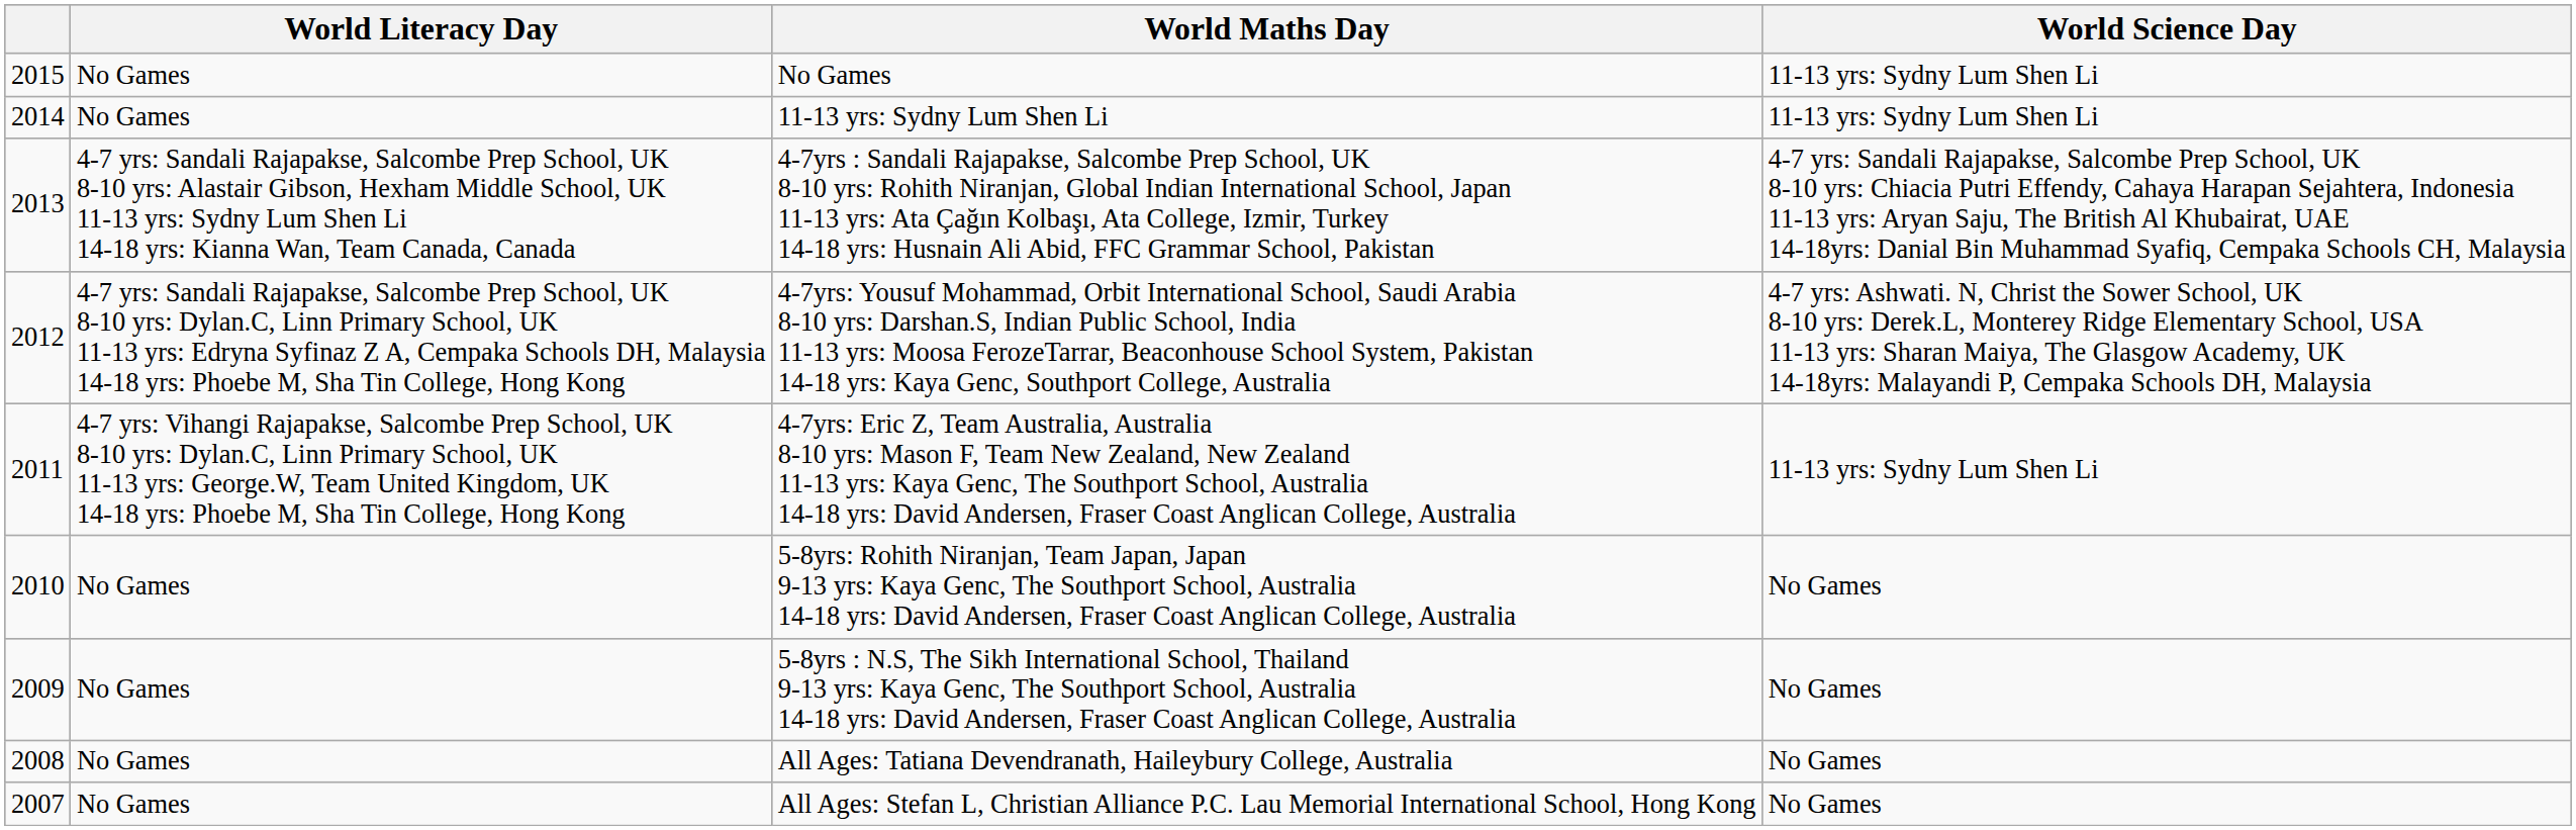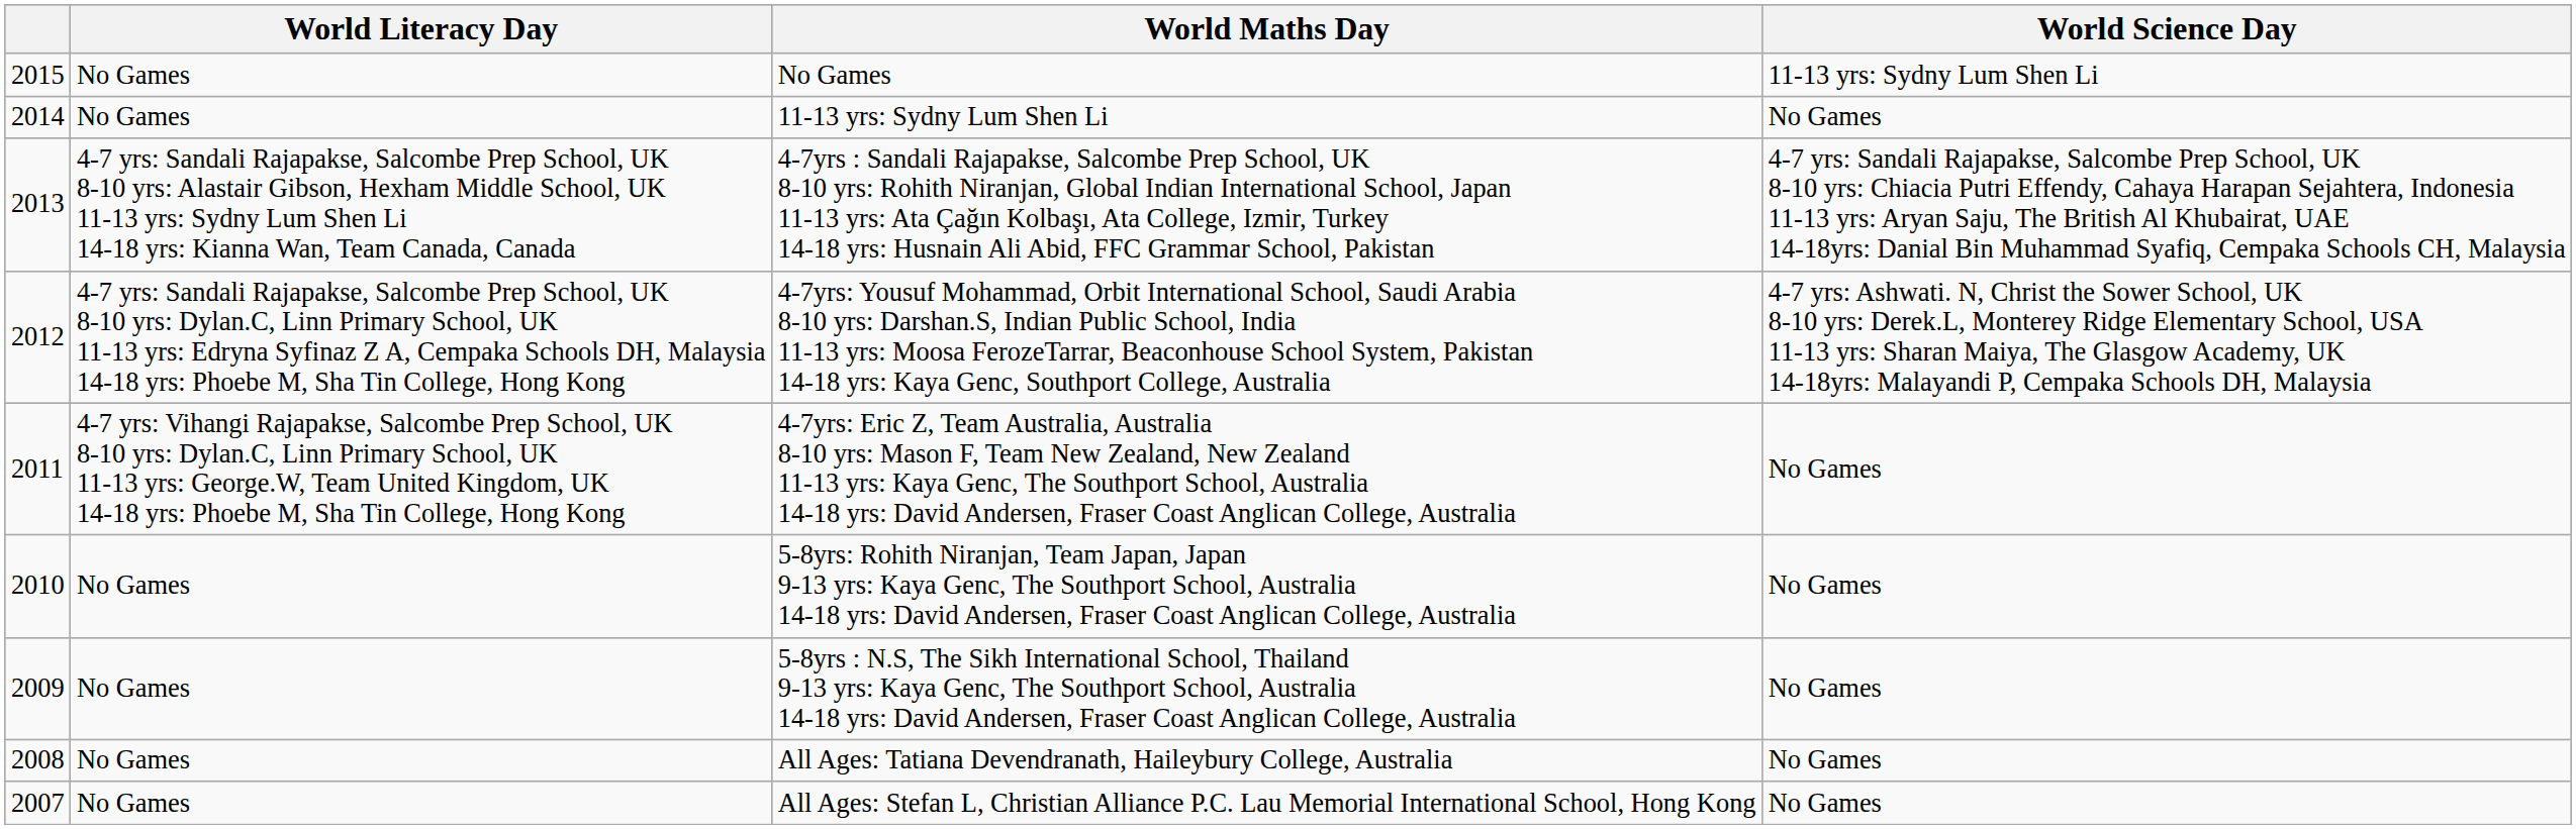 <table class="wikitable">
 <tr>
 <th></th>
 <th><strong><big>World Literacy Day</big></strong></th>
 <th><strong><big>World Maths Day</big></strong></th>
 <th><strong><big>World Science Day</big></strong></th>
 </tr>
 <tr>
 <td>2015</td>
 <td>No Games</td>
 <td>No Games</td>
 <td>11-13 yrs: Sydny Lum Shen Li</td>
 </tr>
 <tr>
 <td>2014</td>
 <td>No Games</td>
 <td>11-13 yrs: Sydny Lum Shen Li</td>
-<td>11-13 yrs: Sydny Lum Shen Li</td>
+<td>No Games</td>
 </tr>
 <tr>
 <td>2013</td>
 <td>4-7 yrs: Sandali Rajapakse, Salcombe Prep School, UK<br>8-10 yrs: Alastair Gibson, Hexham Middle School, UK<br>11-13 yrs: Sydny Lum Shen Li<br>14-18 yrs: Kianna Wan, Team Canada, Canada</td>
 <td>4-7yrs : Sandali Rajapakse, Salcombe Prep School, UK<br>8-10 yrs: Rohith Niranjan, Global Indian International School, Japan<br>11-13 yrs: Ata Çağın Kolbaşı, Ata College, Izmir, Turkey<br>14-18 yrs: Husnain Ali Abid, FFC Grammar School, Pakistan</td>
 <td>4-7 yrs: Sandali Rajapakse, Salcombe Prep School, UK<br>8-10 yrs: Chiacia Putri Effendy, Cahaya Harapan Sejahtera, Indonesia<br>11-13 yrs: Aryan Saju, The British Al Khubairat, UAE<br>14-18yrs: Danial Bin Muhammad Syafiq, Cempaka Schools CH, Malaysia</td>
 </tr>
 <tr>
 <td>2012</td>
 <td>4-7 yrs: Sandali Rajapakse, Salcombe Prep School, UK<br>8-10 yrs: Dylan.C, Linn Primary School, UK<br>11-13 yrs: Edryna Syfinaz Z A, Cempaka Schools DH, Malaysia<br>14-18 yrs: Phoebe M, Sha Tin College, Hong Kong</td>
 <td>4-7yrs: Yousuf Mohammad, Orbit International School, Saudi Arabia<br>8-10 yrs: Darshan.S, Indian Public School, India<br>11-13 yrs: Moosa FerozeTarrar, Beaconhouse School System, Pakistan<br>14-18 yrs: Kaya Genc, Southport College, Australia</td>
 <td>4-7 yrs: Ashwati. N, Christ the Sower School, UK<br>8-10 yrs: Derek.L, Monterey Ridge Elementary School, USA<br>11-13 yrs: Sharan Maiya, The Glasgow Academy, UK<br>14-18yrs: Malayandi P, Cempaka Schools DH, Malaysia</td>
 </tr>
 <tr>
 <td>2011</td>
 <td>4-7 yrs: Vihangi Rajapakse, Salcombe Prep School, UK<br>8-10 yrs: Dylan.C, Linn Primary School, UK<br>11-13 yrs: George.W, Team United Kingdom, UK<br>14-18 yrs: Phoebe M, Sha Tin College, Hong Kong</td>
 <td>4-7yrs: Eric Z, Team Australia, Australia<br>8-10 yrs: Mason F, Team New Zealand, New Zealand<br>11-13 yrs: Kaya Genc, The Southport School, Australia<br>14-18 yrs: David Andersen, Fraser Coast Anglican College, Australia</td>
-<td>11-13 yrs: Sydny Lum Shen Li</td>
+<td>No Games</td>
 </tr>
 <tr>
 <td>2010</td>
 <td>No Games</td>
 <td>5-8yrs: Rohith Niranjan, Team Japan, Japan<br>9-13 yrs: Kaya Genc, The Southport School, Australia<br>14-18 yrs: David Andersen, Fraser Coast Anglican College, Australia</td>
 <td>No Games</td>
 </tr>
 <tr>
 <td>2009</td>
 <td>No Games</td>
 <td>5-8yrs : N.S, The Sikh International School, Thailand<br>9-13 yrs: Kaya Genc, The Southport School, Australia<br>14-18 yrs: David Andersen, Fraser Coast Anglican College, Australia</td>
 <td>No Games</td>
 </tr>
 <tr>
 <td>2008</td>
 <td>No Games</td>
 <td>All Ages: Tatiana Devendranath, Haileybury College, Australia</td>
 <td>No Games</td>
 </tr>
 <tr>
 <td>2007</td>
 <td>No Games</td>
 <td>All Ages: Stefan L, Christian Alliance P.C. Lau Memorial International School, Hong Kong</td>
 <td>No Games</td>
 </tr>
 </table>
